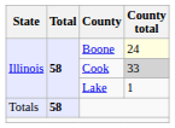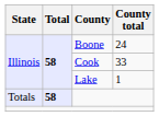 <table class="wikitable" style="margin:0 0 0.5em 1em;float:right;">
 <tr>
 <th>State</th>
 <th>Total</th>
 <th>County</th>
 <th>County<br>total</th>
 </tr>
 <tr>
 <td rowspan=3 style="background:#e6e9ff;"><a href='#'>Illinois</a></td>
 <td rowspan=3 style="background:#e6e9ff;"><strong>58</strong></td>
 <td><a href='#'>Boone</a></td>
-<td style="background: lightyellow;">24</td>
+<td>24</td>
 </tr>
 <tr>
 <td><a href='#'>Cook</a></td>
-<td style="background: lightgrey;">33</td>
+<td>33</td>
 </tr>
 <tr>
 <td><a href='#'>Lake</a></td>
 <td>1</td>
 </tr>
 <tr>
 <td style="background:#e6e9ff;">Totals</td>
 <td style="background:#e6e9ff;"><strong>58</strong></td>
 <td colspan=2></td>
 </tr>
 <tr>
 <td colspan=4 style="text-align:center;"></td>
 </tr>
 </table>
